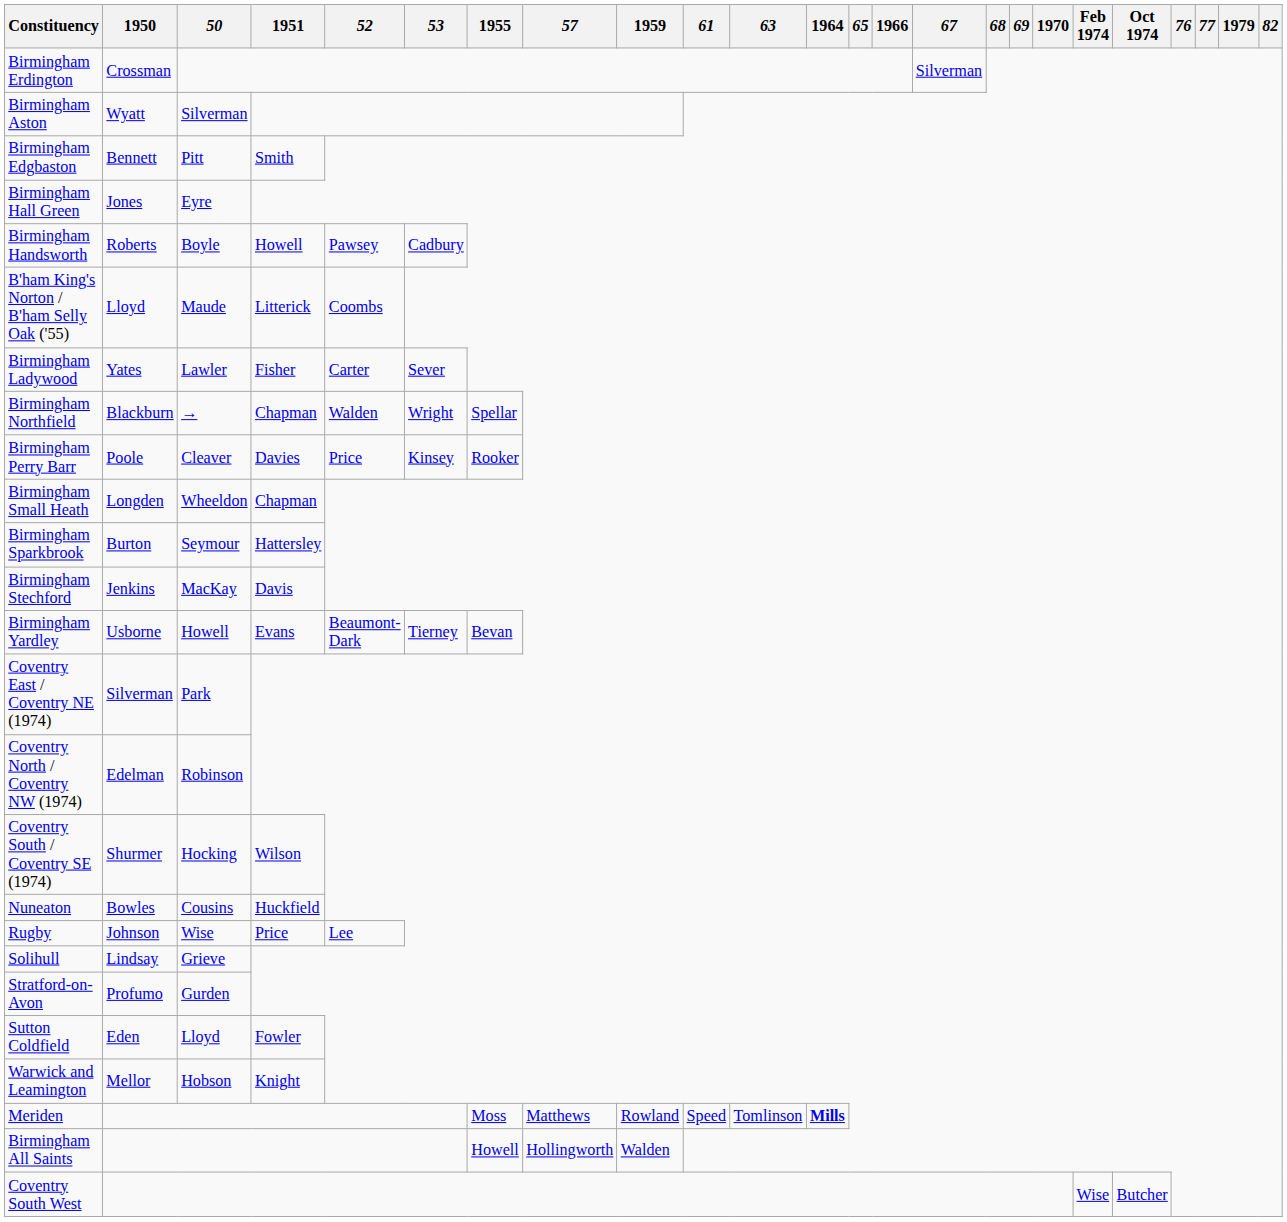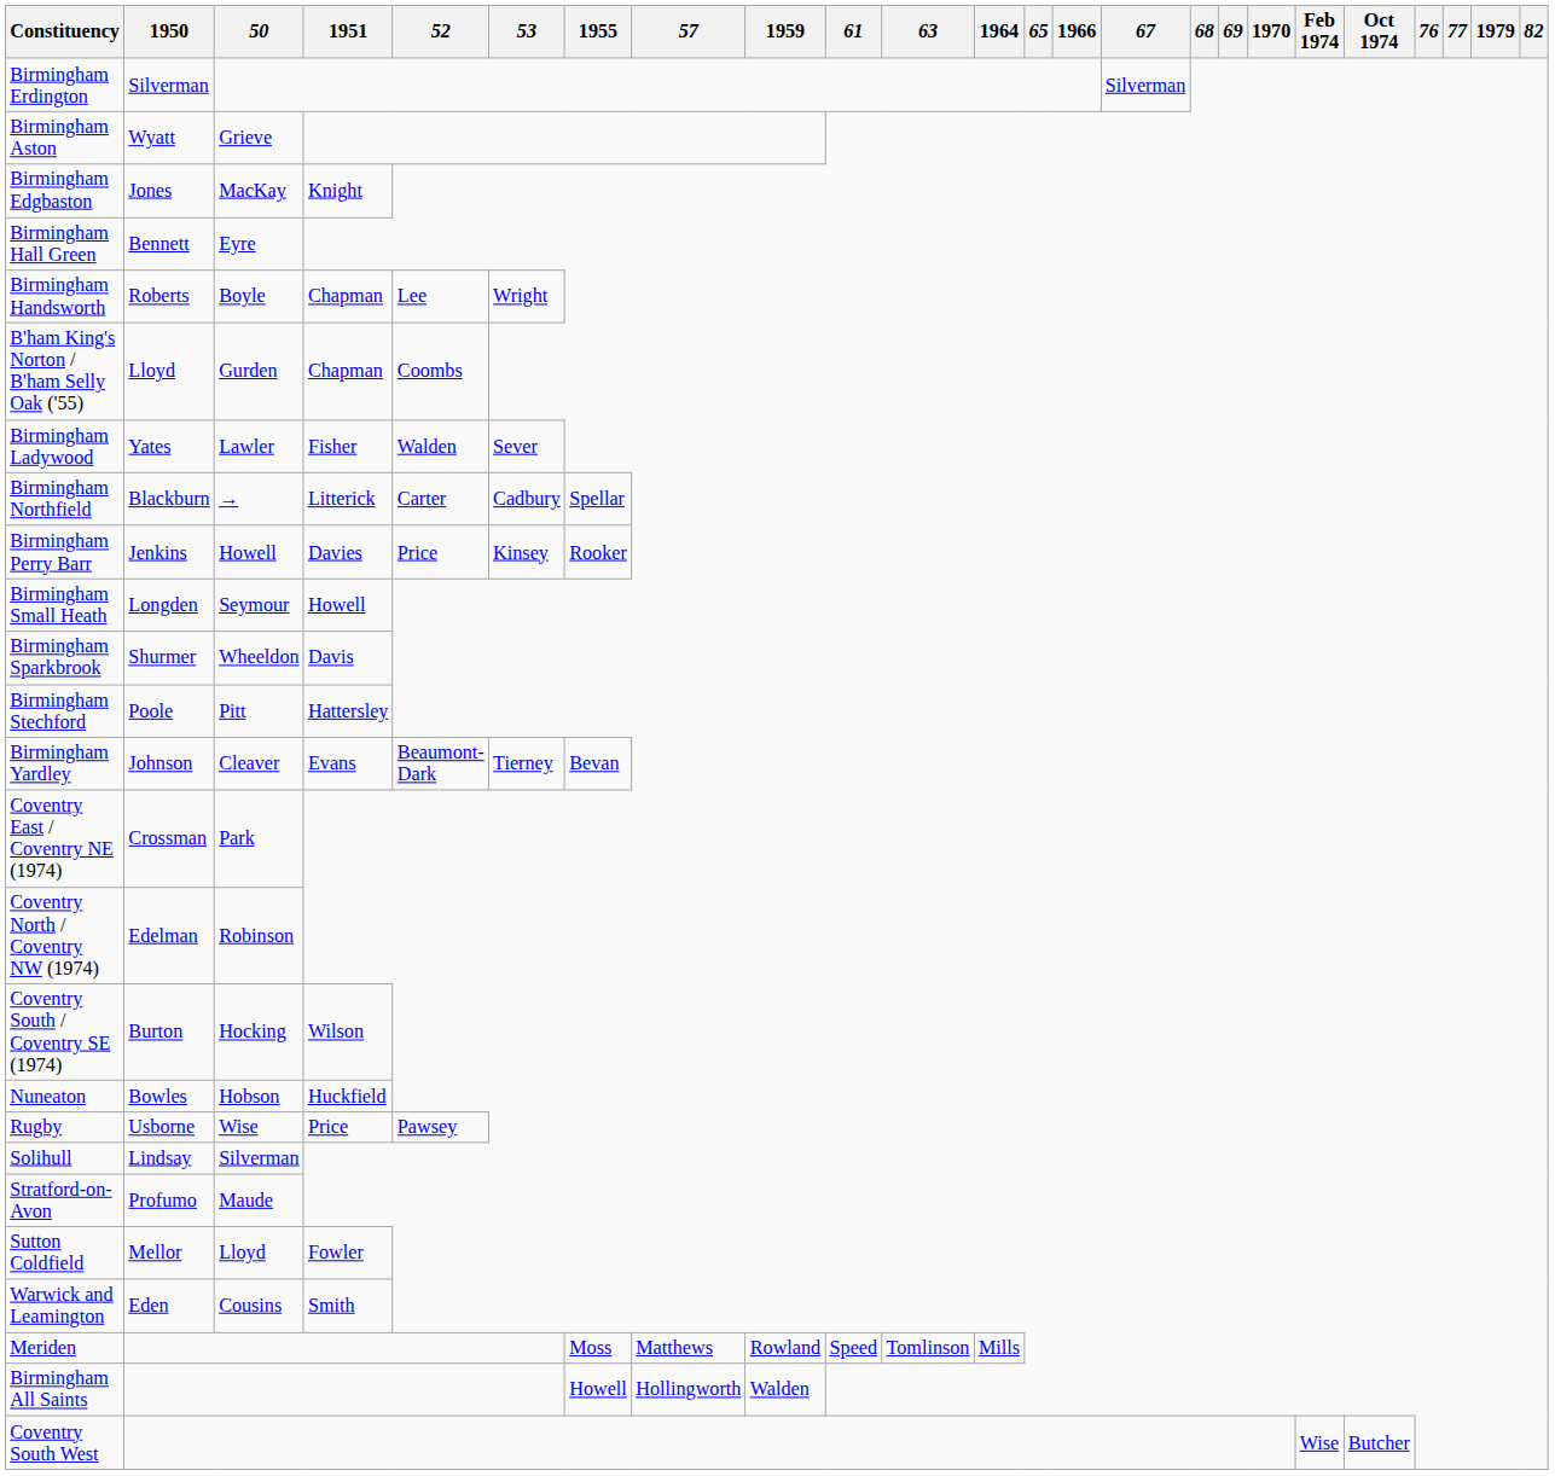 <table class="wikitable">
 <tr>
 <th>Constituency</th>
 <th>1950</th>
 <th><em>50</em></th>
 <th>1951</th>
 <th><em>52</em></th>
 <th><em>53</em></th>
 <th>1955</th>
 <th><em>57</em></th>
 <th>1959</th>
 <th><em>61</em></th>
 <th><em>63</em></th>
 <th>1964</th>
 <th><em>65</em></th>
 <th>1966</th>
 <th><em>67</em></th>
 <th><em>68</em></th>
 <th><em>69</em></th>
 <th>1970</th>
 <th>Feb 1974</th>
 <th>Oct 1974</th>
 <th><em>76</em></th>
 <th><em>77</em></th>
 <th>1979</th>
 <th><em>82</em></th>
 </tr>
 <tr>
 <td><a href='#'>Birmingham Erdington</a></td>
-<td><a href='#'>Crossman</a></td>
+<td><a href='#'>Silverman</a></td>
 <td colspan="12"></td>
 <td><a href='#'>Silverman</a></td>
 </tr>
 <tr>
 <td><a href='#'>Birmingham Aston</a></td>
 <td><a href='#'>Wyatt</a></td>
-<td><a href='#'>Silverman</a></td>
+<td><a href='#'>Grieve</a></td>
 <td colspan="6"></td>
 </tr>
 <tr>
 <td><a href='#'>Birmingham Edgbaston</a></td>
-<td><a href='#'>Bennett</a></td>
-<td><a href='#'>Pitt</a></td>
-<td><a href='#'>Smith</a></td>
+<td><a href='#'>Jones</a></td>
+<td><a href='#'>MacKay</a></td>
+<td><a href='#'>Knight</a></td>
 </tr>
 <tr>
 <td><a href='#'>Birmingham Hall Green</a></td>
-<td><a href='#'>Jones</a></td>
+<td><a href='#'>Bennett</a></td>
 <td><a href='#'>Eyre</a></td>
 </tr>
 <tr>
 <td><a href='#'>Birmingham Handsworth</a></td>
 <td><a href='#'>Roberts</a></td>
 <td><a href='#'>Boyle</a></td>
-<td><a href='#'>Howell</a></td>
-<td><a href='#'>Pawsey</a></td>
-<td><a href='#'>Cadbury</a></td>
+<td><a href='#'>Chapman</a></td>
+<td><a href='#'>Lee</a></td>
+<td><a href='#'>Wright</a></td>
 </tr>
 <tr>
 <td><a href='#'>B'ham King's Norton</a> / <a href='#'>B'ham Selly Oak</a> ('55)</td>
 <td><a href='#'>Lloyd</a></td>
-<td><a href='#'>Maude</a></td>
-<td><a href='#'>Litterick</a></td>
+<td><a href='#'>Gurden</a></td>
+<td><a href='#'>Chapman</a></td>
 <td><a href='#'>Coombs</a></td>
 </tr>
 <tr>
 <td><a href='#'>Birmingham Ladywood</a></td>
 <td><a href='#'>Yates</a></td>
 <td><a href='#'>Lawler</a></td>
 <td><a href='#'>Fisher</a></td>
-<td><a href='#'>Carter</a></td>
+<td><a href='#'>Walden</a></td>
 <td><a href='#'>Sever</a></td>
 </tr>
 <tr>
 <td><a href='#'>Birmingham Northfield</a></td>
 <td><a href='#'>Blackburn</a></td>
 <td><a href='#'>→</a></td>
-<td><a href='#'>Chapman</a></td>
-<td><a href='#'>Walden</a></td>
-<td><a href='#'>Wright</a></td>
+<td><a href='#'>Litterick</a></td>
+<td><a href='#'>Carter</a></td>
+<td><a href='#'>Cadbury</a></td>
 <td><a href='#'>Spellar</a></td>
 </tr>
 <tr>
 <td><a href='#'>Birmingham Perry Barr</a></td>
-<td><a href='#'>Poole</a></td>
-<td><a href='#'>Cleaver</a></td>
+<td><a href='#'>Jenkins</a></td>
+<td><a href='#'>Howell</a></td>
 <td><a href='#'>Davies</a></td>
 <td><a href='#'>Price</a></td>
 <td><a href='#'>Kinsey</a></td>
 <td><a href='#'>Rooker</a></td>
 </tr>
 <tr>
 <td><a href='#'>Birmingham Small Heath</a></td>
 <td><a href='#'>Longden</a></td>
-<td><a href='#'>Wheeldon</a></td>
-<td><a href='#'>Chapman</a></td>
+<td><a href='#'>Seymour</a></td>
+<td><a href='#'>Howell</a></td>
 </tr>
 <tr>
 <td><a href='#'>Birmingham Sparkbrook</a></td>
-<td><a href='#'>Burton</a></td>
-<td><a href='#'>Seymour</a></td>
+<td><a href='#'>Shurmer</a></td>
+<td><a href='#'>Wheeldon</a></td>
+<td><a href='#'>Davis</a></td>
+</tr>
+<tr>
+<td><a href='#'>Birmingham Stechford</a></td>
+<td><a href='#'>Poole</a></td>
+<td><a href='#'>Pitt</a></td>
 <td><a href='#'>Hattersley</a></td>
 </tr>
 <tr>
-<td><a href='#'>Birmingham Stechford</a></td>
-<td><a href='#'>Jenkins</a></td>
-<td><a href='#'>MacKay</a></td>
-<td><a href='#'>Davis</a></td>
-</tr>
-<tr>
 <td><a href='#'>Birmingham Yardley</a></td>
-<td><a href='#'>Usborne</a></td>
-<td><a href='#'>Howell</a></td>
+<td><a href='#'>Johnson</a></td>
+<td><a href='#'>Cleaver</a></td>
 <td><a href='#'>Evans</a></td>
 <td><a href='#'>Beaumont-Dark</a></td>
 <td><a href='#'>Tierney</a></td>
 <td><a href='#'>Bevan</a></td>
 </tr>
 <tr>
 <td><a href='#'>Coventry East</a> / <a href='#'>Coventry NE</a> (1974)</td>
-<td><a href='#'>Silverman</a></td>
+<td><a href='#'>Crossman</a></td>
 <td><a href='#'>Park</a></td>
 </tr>
 <tr>
 <td><a href='#'>Coventry North</a> / <a href='#'>Coventry NW</a> (1974)</td>
 <td><a href='#'>Edelman</a></td>
 <td><a href='#'>Robinson</a></td>
 </tr>
 <tr>
 <td><a href='#'>Coventry South</a> / <a href='#'>Coventry SE</a> (1974)</td>
-<td><a href='#'>Shurmer</a></td>
+<td><a href='#'>Burton</a></td>
 <td><a href='#'>Hocking</a></td>
 <td><a href='#'>Wilson</a></td>
 </tr>
 <tr>
 <td><a href='#'>Nuneaton</a></td>
 <td><a href='#'>Bowles</a></td>
-<td><a href='#'>Cousins</a></td>
+<td><a href='#'>Hobson</a></td>
 <td><a href='#'>Huckfield</a></td>
 </tr>
 <tr>
 <td><a href='#'>Rugby</a></td>
-<td><a href='#'>Johnson</a></td>
+<td><a href='#'>Usborne</a></td>
 <td><a href='#'>Wise</a></td>
 <td><a href='#'>Price</a></td>
-<td><a href='#'>Lee</a></td>
+<td><a href='#'>Pawsey</a></td>
 </tr>
 <tr>
 <td><a href='#'>Solihull</a></td>
 <td><a href='#'>Lindsay</a></td>
-<td><a href='#'>Grieve</a></td>
+<td><a href='#'>Silverman</a></td>
 </tr>
 <tr>
 <td><a href='#'>Stratford-on-Avon</a></td>
 <td><a href='#'>Profumo</a></td>
-<td><a href='#'>Gurden</a></td>
+<td><a href='#'>Maude</a></td>
 </tr>
 <tr>
 <td><a href='#'>Sutton Coldfield</a></td>
-<td><a href='#'>Eden</a></td>
+<td><a href='#'>Mellor</a></td>
 <td><a href='#'>Lloyd</a></td>
 <td><a href='#'>Fowler</a></td>
 </tr>
 <tr>
 <td><a href='#'>Warwick and Leamington</a></td>
-<td><a href='#'>Mellor</a></td>
-<td><a href='#'>Hobson</a></td>
-<td><a href='#'>Knight</a></td>
+<td><a href='#'>Eden</a></td>
+<td><a href='#'>Cousins</a></td>
+<td><a href='#'>Smith</a></td>
 </tr>
 <tr>
 <td><a href='#'>Meriden</a></td>
 <td colspan="5"></td>
 <td><a href='#'>Moss</a></td>
 <td><a href='#'>Matthews</a></td>
 <td><a href='#'>Rowland</a></td>
 <td><a href='#'>Speed</a></td>
 <td><a href='#'>Tomlinson</a></td>
-<td><strong><a href='#'>Mills</a></strong></td>
+<td><a href='#'>Mills</a></td>
 </tr>
 <tr>
 <td><a href='#'>Birmingham All Saints</a></td>
 <td colspan="5"></td>
 <td><a href='#'>Howell</a></td>
 <td><a href='#'>Hollingworth</a></td>
 <td><a href='#'>Walden</a></td>
 </tr>
 <tr>
 <td><a href='#'>Coventry South West</a></td>
 <td colspan="17"></td>
 <td><a href='#'>Wise</a></td>
 <td><a href='#'>Butcher</a></td>
 </tr>
 </table>
